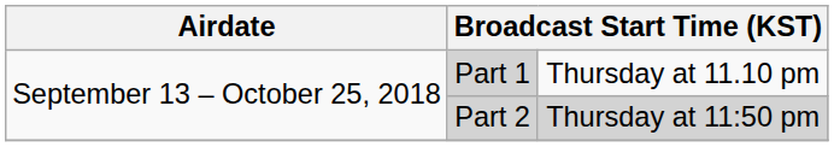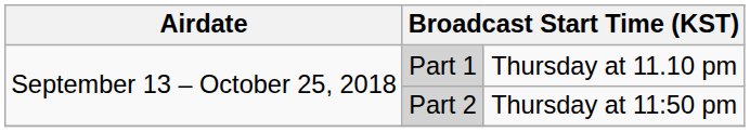 <table class="wikitable" style="text-align:center">
 <tr>
 <th>Airdate</th>
 <th colspan="2">Broadcast Start Time (KST)</th>
 </tr>
 <tr>
 <td rowspan="2">September 13 – October 25, 2018</td>
 <td style="background:Lightgray">Part 1</td>
 <td>Thursday at 11.10 pm</td>
 </tr>
 <tr>
 <td style="background:Lightgray">Part 2</td>
-<td style="background: lightgrey;">Thursday at 11:50 pm</td>
+<td>Thursday at 11:50 pm</td>
 </tr>
 <tr>
 </tr>
 </table>
